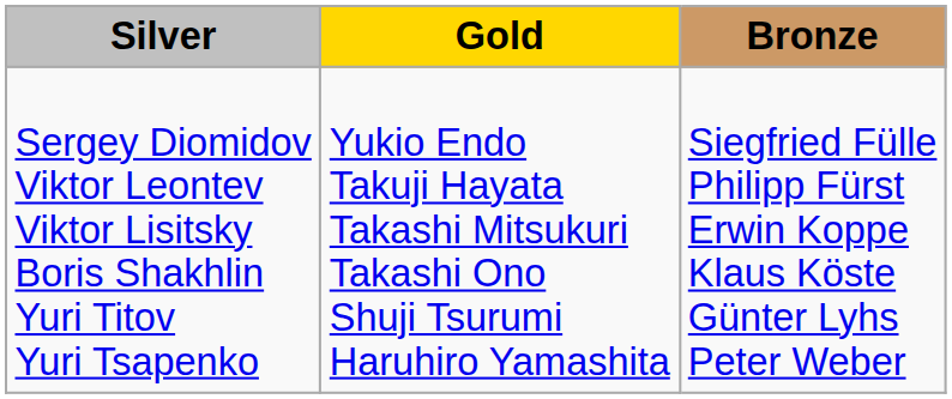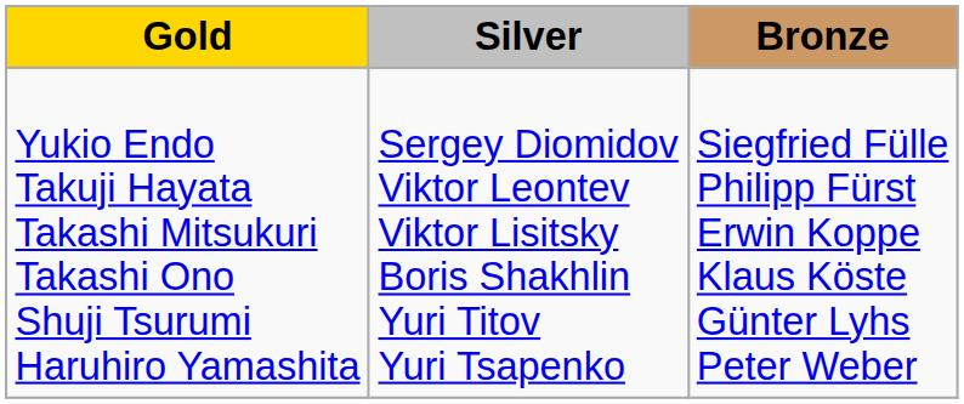 <table class=wikitable>
 <tr>
+<td align=center bgcolor=gold> <strong>Gold</strong></td>
 <td align=center bgcolor=silver> <strong>Silver</strong></td>
-<td align=center bgcolor=gold> <strong>Gold</strong></td>
 <td align=center bgcolor=cc9966> <strong>Bronze</strong></td>
 </tr>
 <tr>
+<td><br><a href='#'>Yukio Endo</a><br><a href='#'>Takuji Hayata</a><br><a href='#'>Takashi Mitsukuri</a><br><a href='#'>Takashi Ono</a><br><a href='#'>Shuji Tsurumi</a><br><a href='#'>Haruhiro Yamashita</a></td>
 <td><br><a href='#'>Sergey Diomidov</a><br><a href='#'>Viktor Leontev</a><br><a href='#'>Viktor Lisitsky</a><br><a href='#'>Boris Shakhlin</a><br><a href='#'>Yuri Titov</a><br><a href='#'>Yuri Tsapenko</a></td>
-<td><br><a href='#'>Yukio Endo</a><br><a href='#'>Takuji Hayata</a><br><a href='#'>Takashi Mitsukuri</a><br><a href='#'>Takashi Ono</a><br><a href='#'>Shuji Tsurumi</a><br><a href='#'>Haruhiro Yamashita</a></td>
 <td><br><a href='#'>Siegfried Fülle</a><br><a href='#'>Philipp Fürst</a><br><a href='#'>Erwin Koppe</a><br><a href='#'>Klaus Köste</a><br><a href='#'>Günter Lyhs</a><br><a href='#'>Peter Weber</a></td>
 </tr>
 </table>
